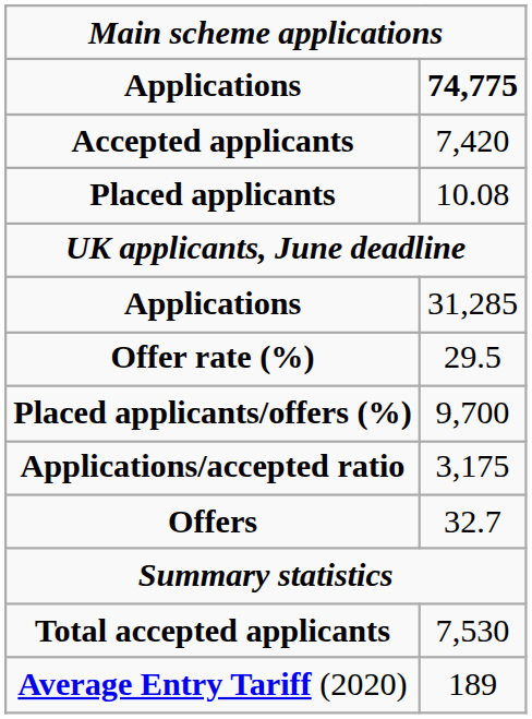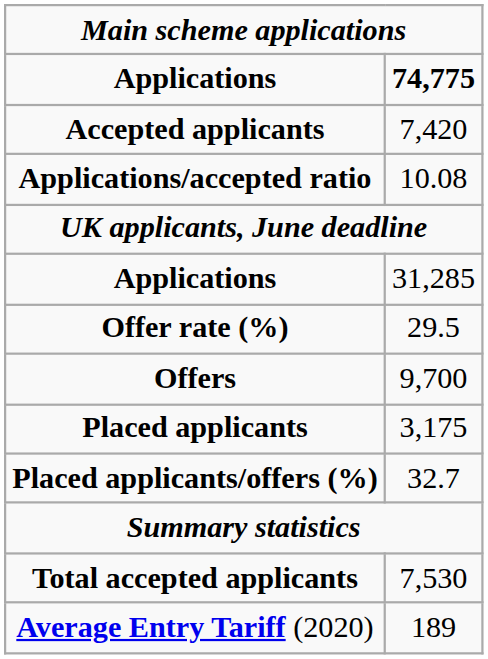 <table class="wikitable floatright" style="font-size:85%; text-align:center;">
 <tr>
 <td colspan=2><strong><em>Main scheme applications</em></strong></td>
 </tr>
 <tr>
 <td><strong>Applications</strong></td>
 <td><strong>74,775</strong></td>
 </tr>
 <tr>
 <td><strong>Accepted applicants</strong></td>
 <td>7,420</td>
 </tr>
 <tr>
-<td><strong>Placed applicants</strong></td>
+<td><strong>Applications/accepted ratio</strong></td>
 <td>10.08</td>
 </tr>
 <tr>
 <td colspan=2><strong><em>UK applicants, June deadline</em></strong></td>
 </tr>
 <tr>
 <td><strong>Applications</strong></td>
 <td>31,285</td>
 </tr>
 <tr>
 <td><strong>Offer rate (%)</strong></td>
 <td>29.5</td>
 </tr>
 <tr>
-<td><strong>Placed applicants/offers (%)</strong></td>
+<td><strong>Offers</strong></td>
 <td>9,700</td>
 </tr>
 <tr>
-<td><strong>Applications/accepted ratio</strong></td>
+<td><strong>Placed applicants</strong></td>
 <td>3,175</td>
 </tr>
 <tr>
-<td><strong>Offers</strong></td>
+<td><strong>Placed applicants/offers (%)</strong></td>
 <td>32.7</td>
 </tr>
 <tr>
 <td colspan=2><strong><em>Summary statistics</em></strong></td>
 </tr>
 <tr>
 <td><strong>Total accepted applicants</strong></td>
 <td>7,530</td>
 </tr>
 <tr>
 <td><strong><a href='#'>Average Entry Tariff</a></strong> (2020)</td>
 <td>189</td>
 </tr>
 </table>
